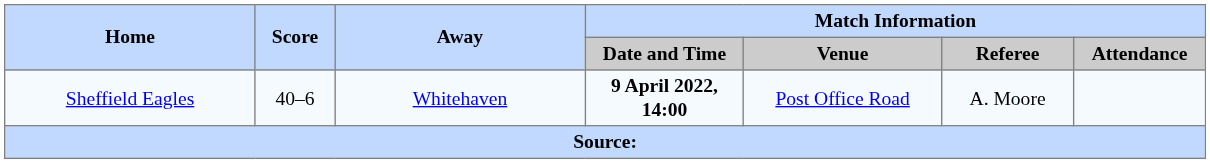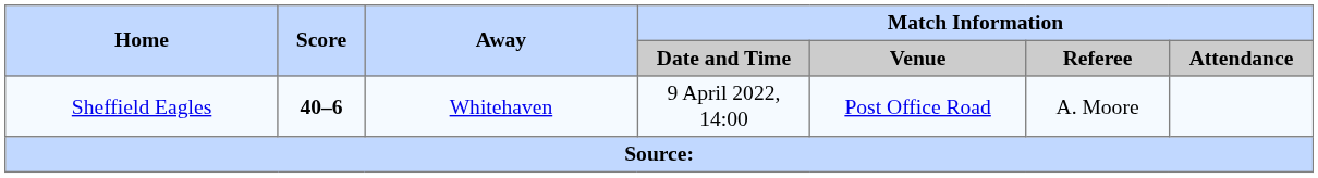 <table border=1 style="border-collapse:collapse; font-size:90%; text-align:center"; cellpadding=3 cellspacing=0 width=100%>
 <tr bgcolor="#c1d8ff">
 <th rowspan=2 width=19%>Home</th>
 <th rowspan=2 width=6%>Score</th>
 <th rowspan=2 width=19%>Away</th>
 <th colspan=5>Match Information</th>
 </tr>
 <tr bgcolor="#cccccc">
 <th width=12%>Date and Time</th>
 <th width=15%>Venue</th>
 <th width=10%>Referee</th>
 <th width=10%>Attendance</th>
 </tr>
 <tr bgcolor=#f5faff>
 <td> <a href='#'>Sheffield Eagles</a></td>
-<td>40–6</td>
+<td><strong>40–6</strong></td>
 <td> <a href='#'>Whitehaven</a></td>
-<td><strong>9 April 2022, 14:00</strong></td>
+<td>9 April 2022, 14:00</td>
 <td><a href='#'>Post Office Road</a></td>
 <td>A. Moore</td>
 <td></td>
 </tr>
 <tr style="background:#c1d8ff;">
 <th colspan=7>Source:</th>
 </tr>
 </table>
